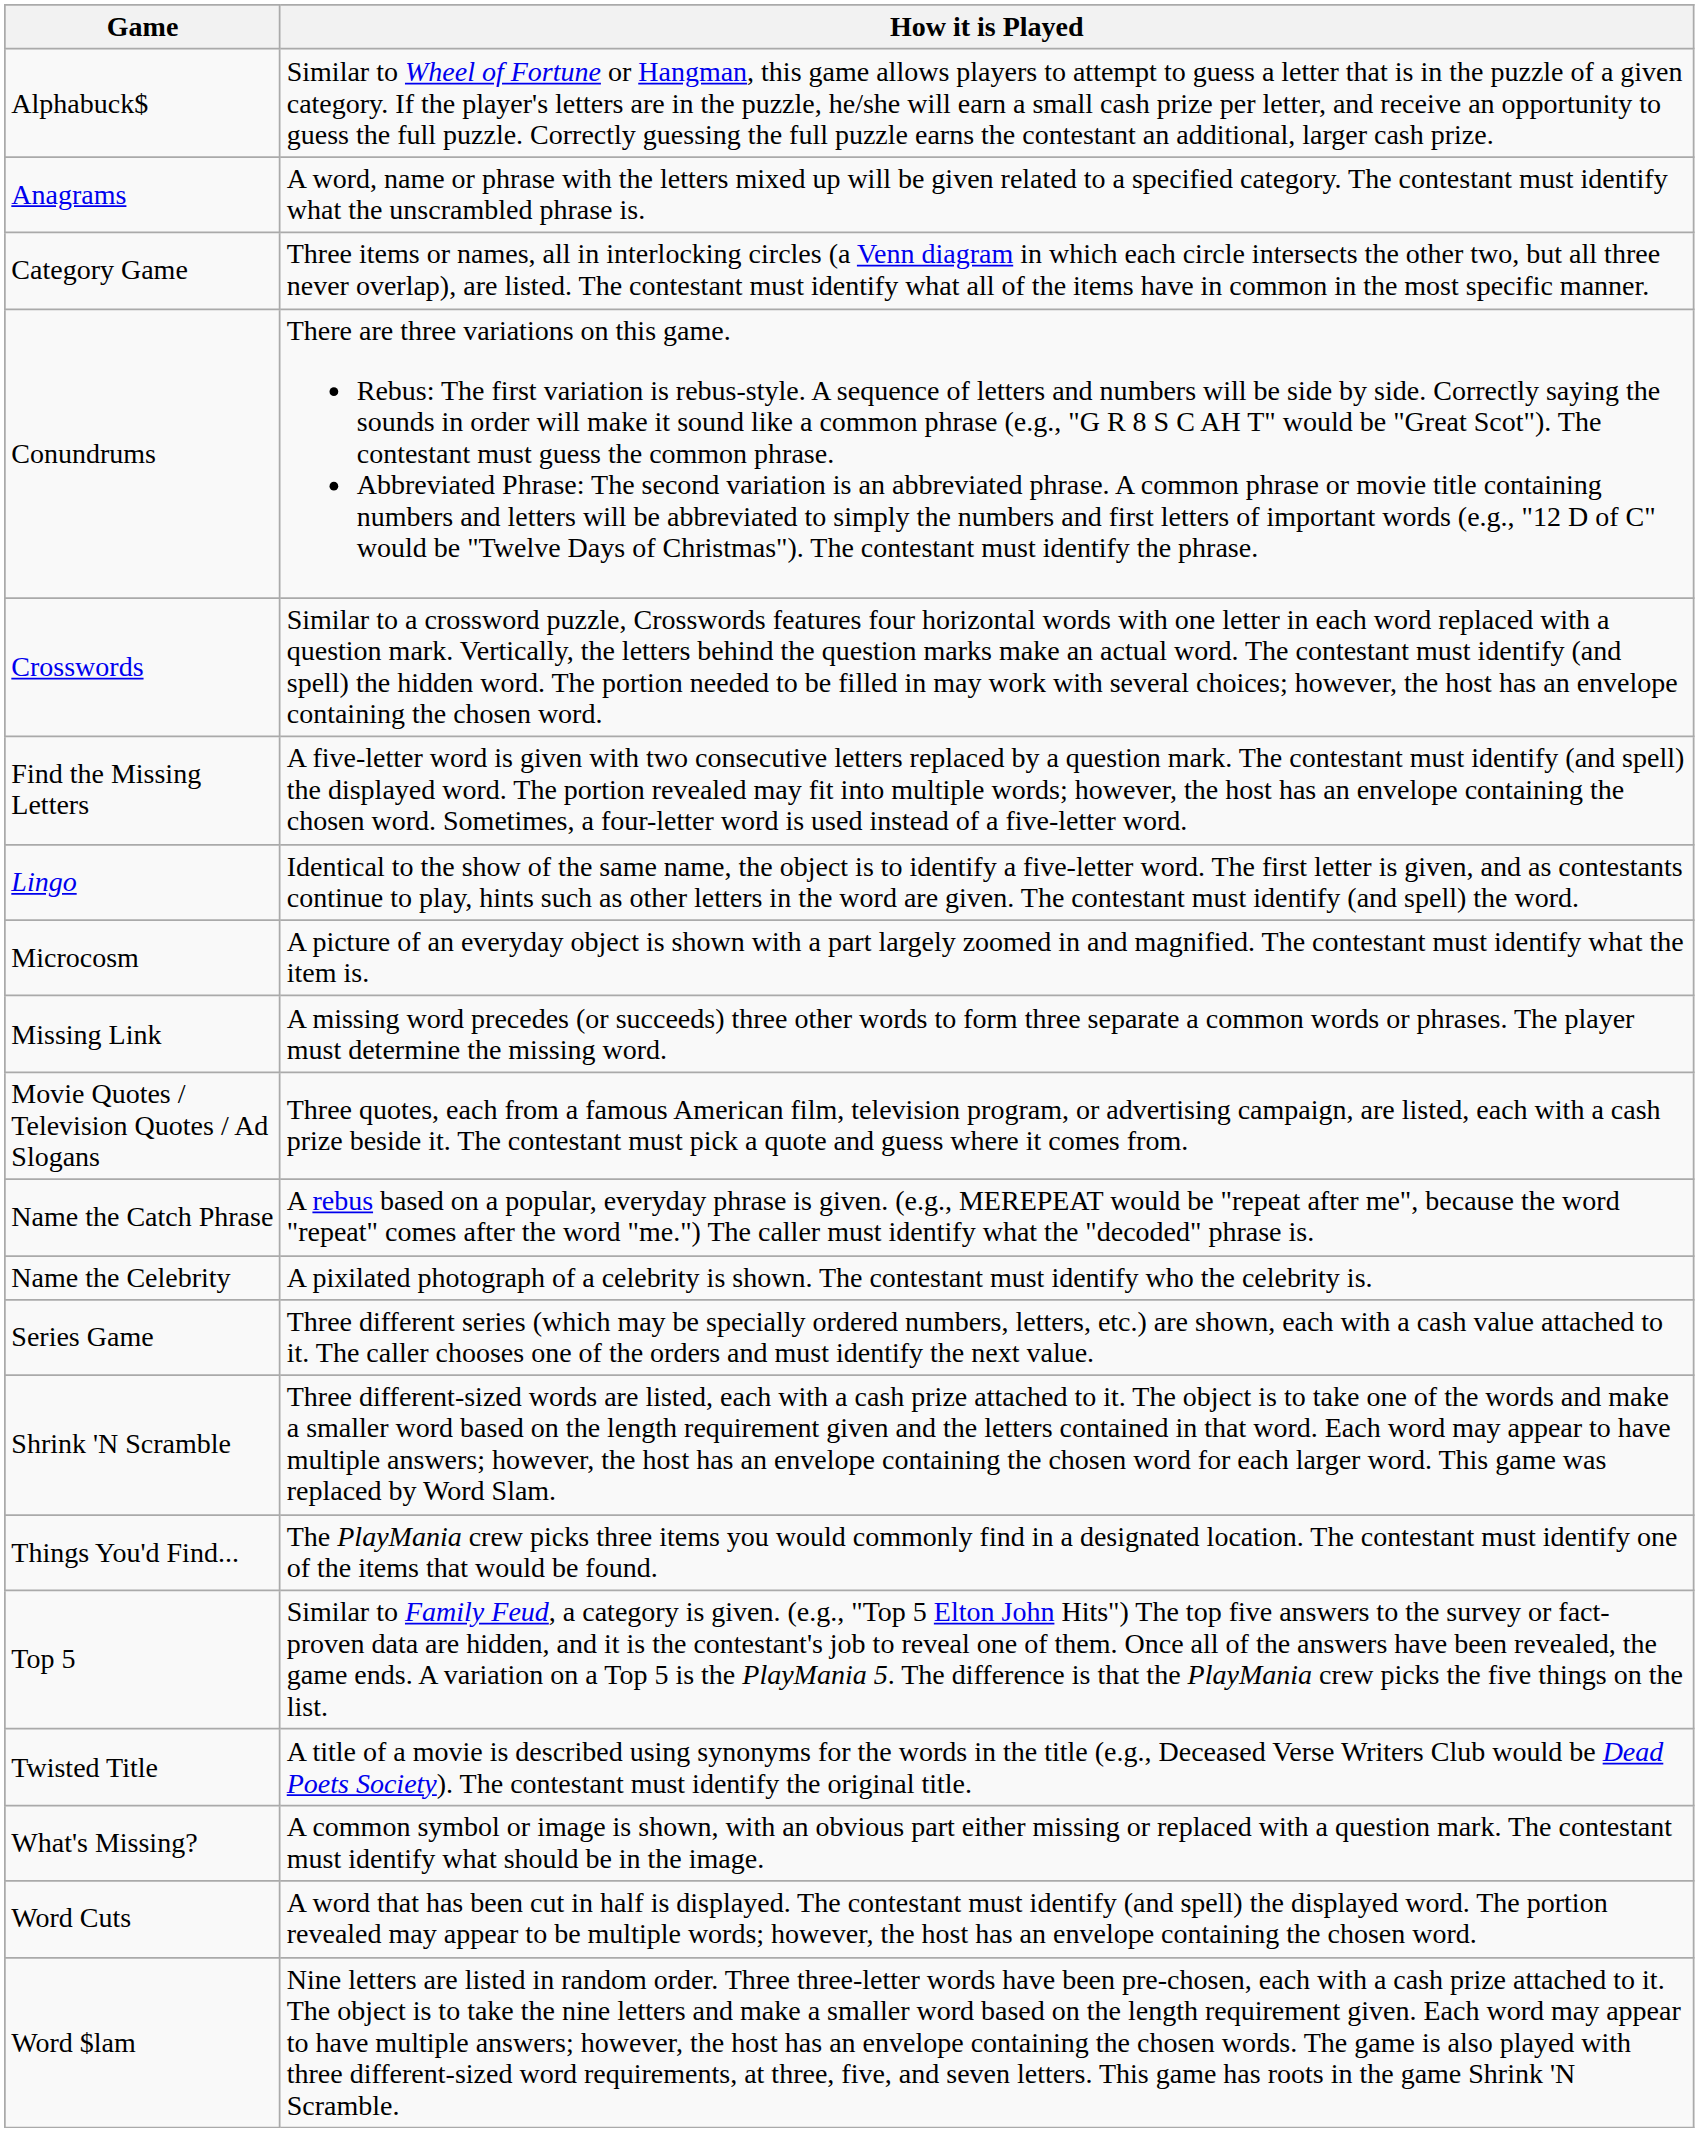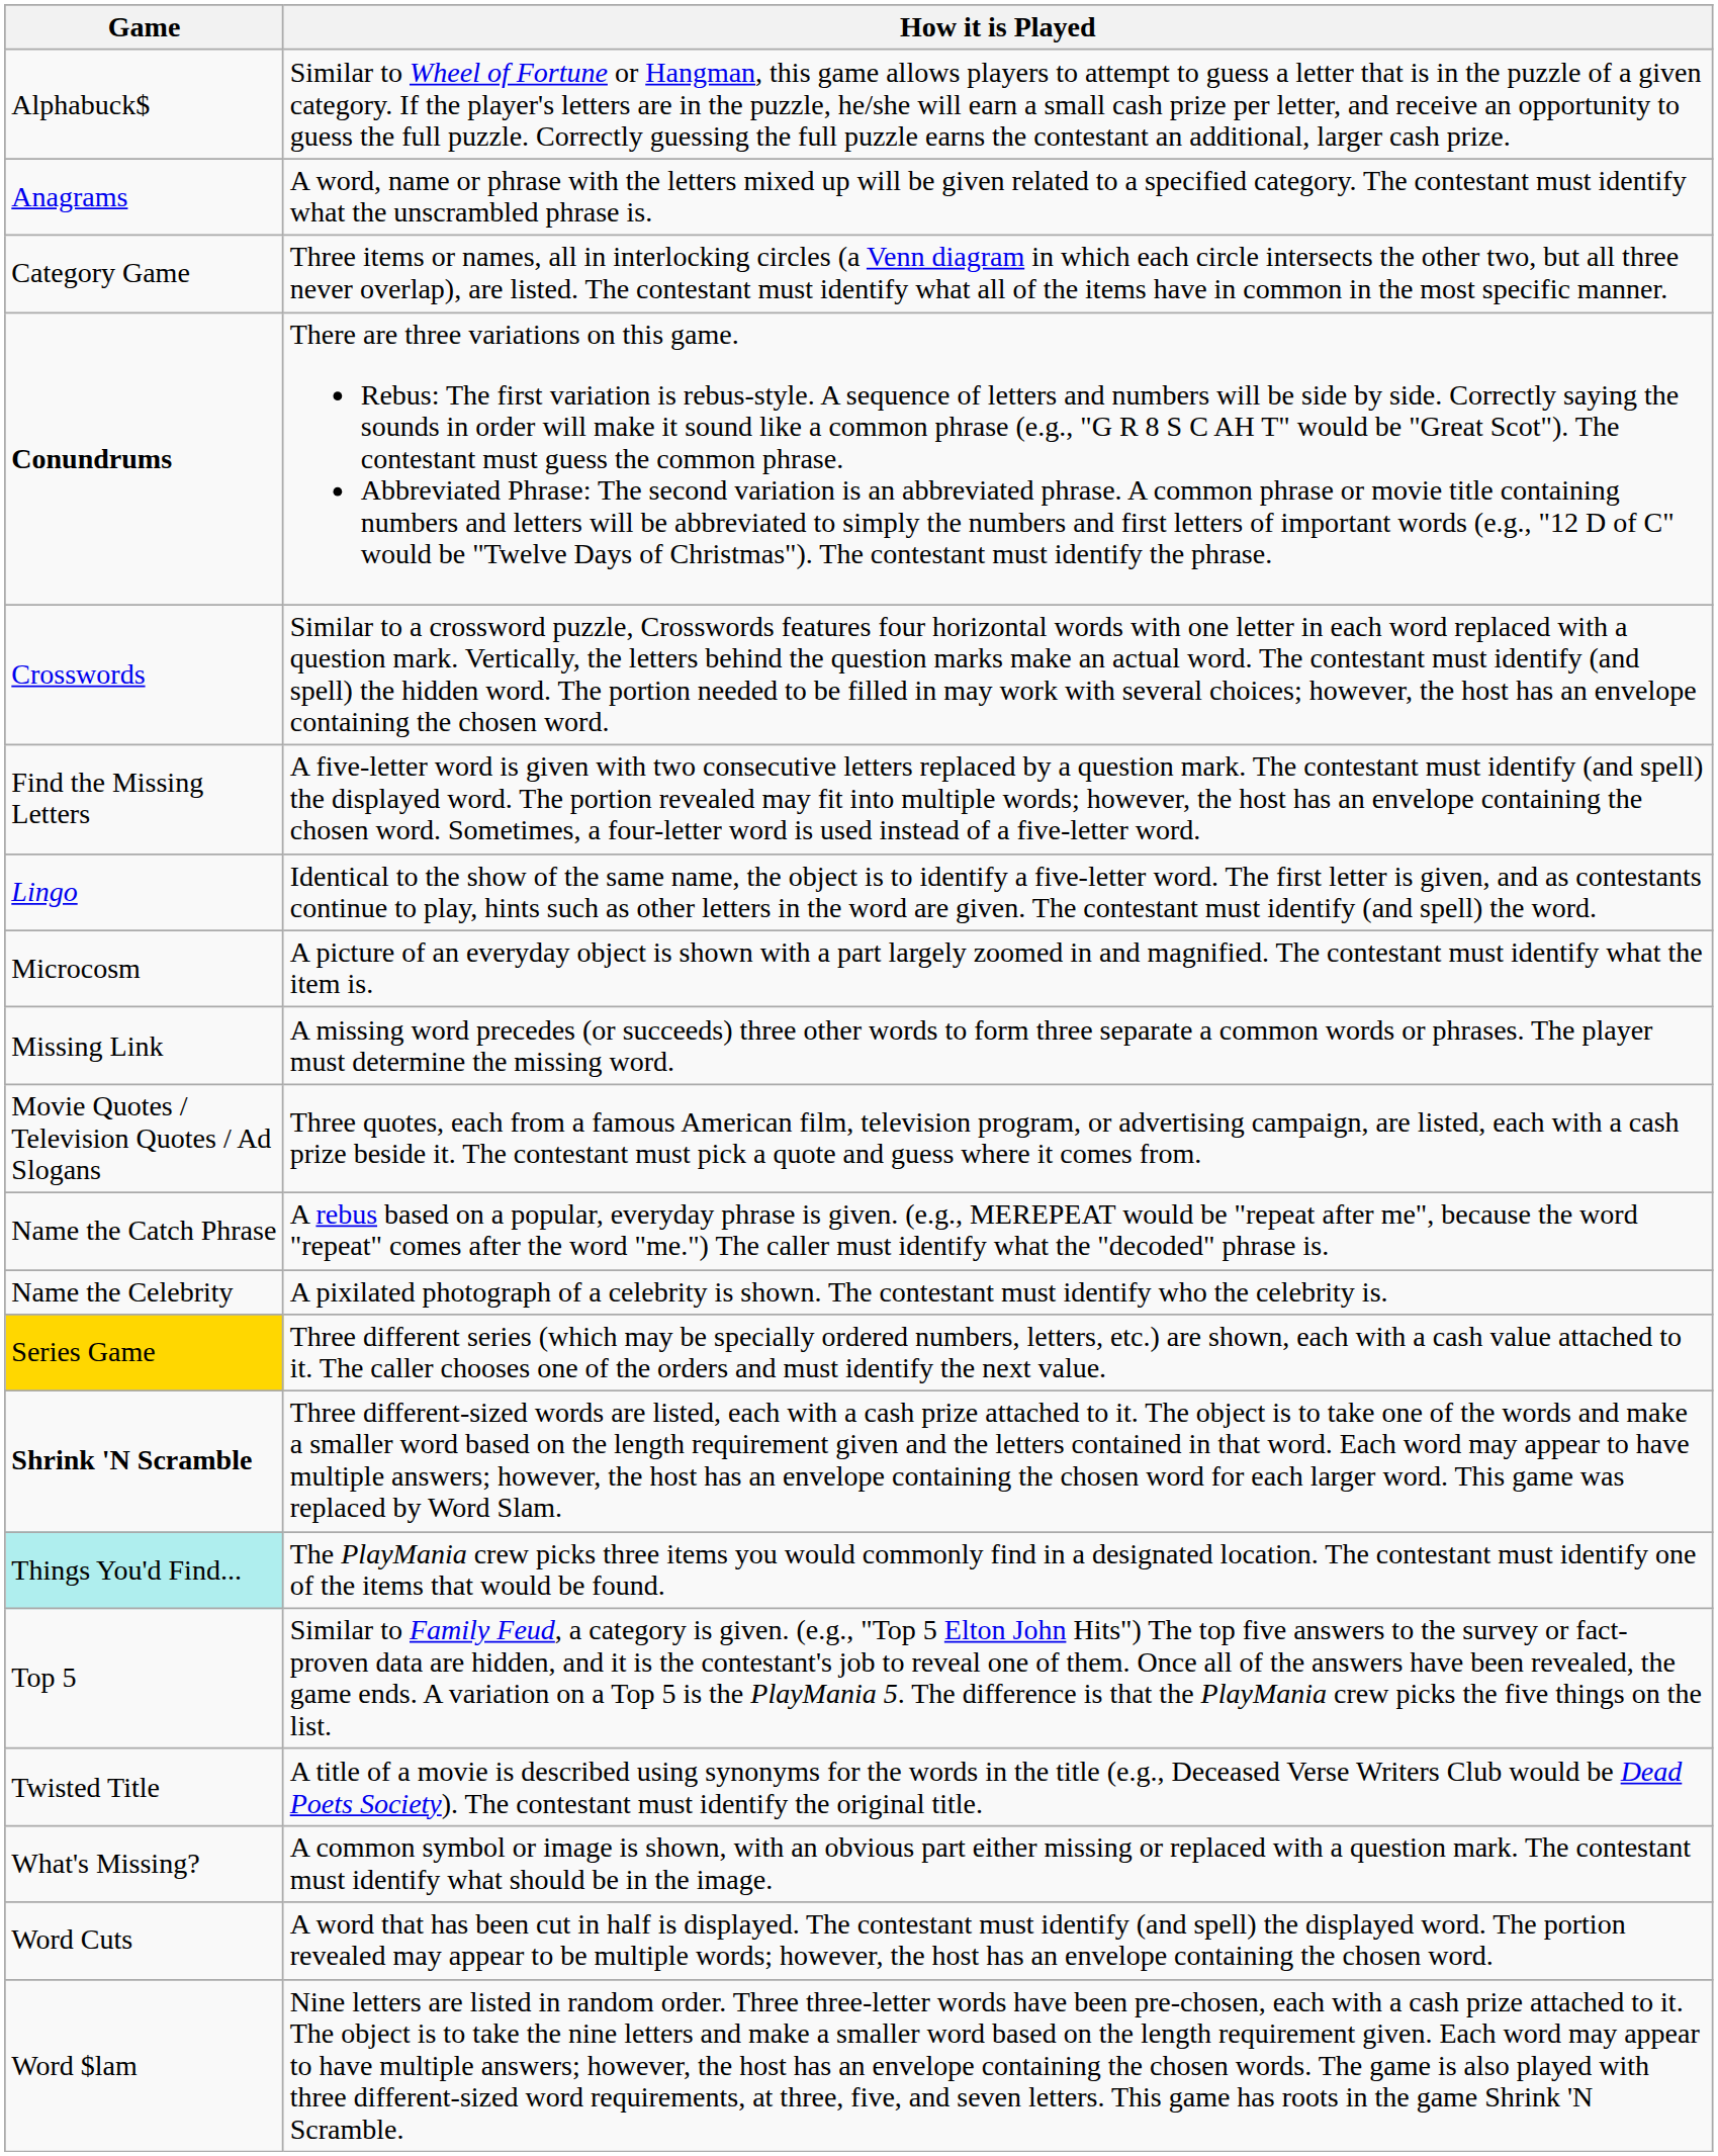 <table class="wikitable">
 <tr>
 <th width="150px">Game</th>
 <th width="800px">How it is Played</th>
 </tr>
 <tr>
 <td>Alphabuck$</td>
 <td>Similar to <em><a href='#'>Wheel of Fortune</a></em> or <a href='#'>Hangman</a>, this game allows players to attempt to guess a letter that is in the puzzle of a given category. If the player's letters are in the puzzle, he/she will earn a small cash prize per letter, and receive an opportunity to guess the full puzzle. Correctly guessing the full puzzle earns the contestant an additional, larger cash prize.</td>
 </tr>
 <tr>
 <td><a href='#'>Anagrams</a></td>
 <td>A word, name or phrase with the letters mixed up will be given related to a specified category. The contestant must identify what the unscrambled phrase is.</td>
 </tr>
 <tr>
 <td>Category Game</td>
 <td>Three items or names, all in interlocking circles (a <a href='#'>Venn diagram</a> in which each circle intersects the other two, but all three never overlap), are listed. The contestant must identify what all of the items have in common in the most specific manner.</td>
 </tr>
 <tr>
-<td>Conundrums</td>
+<td><strong>Conundrums</strong></td>
 <td>There are three variations on this game.<br><ul><li>Rebus: The first variation is rebus-style. A sequence of letters and numbers will be side by side. Correctly saying the sounds in order will make it sound like a common phrase (e.g., "G R 8 S C AH T" would be "Great Scot"). The contestant must guess the common phrase.</li><li>Abbreviated Phrase: The second variation is an abbreviated phrase. A common phrase or movie title containing numbers and letters will be abbreviated to simply the numbers and first letters of important words (e.g., "12 D of C" would be "Twelve Days of Christmas"). The contestant must identify the phrase.</li></ul></td>
 </tr>
 <tr>
 <td><a href='#'>Crosswords</a></td>
 <td>Similar to a crossword puzzle, Crosswords features four horizontal words with one letter in each word replaced with a question mark. Vertically, the letters behind the question marks make an actual word. The contestant must identify (and spell) the hidden word. The portion needed to be filled in may work with several choices; however, the host has an envelope containing the chosen word.</td>
 </tr>
 <tr>
 <td>Find the Missing Letters</td>
 <td>A five-letter word is given with two consecutive letters replaced by a question mark. The contestant must identify (and spell) the displayed word. The portion revealed may fit into multiple words; however, the host has an envelope containing the chosen word. Sometimes, a four-letter word is used instead of a five-letter word.</td>
 </tr>
 <tr>
 <td><em><a href='#'>Lingo</a></em></td>
 <td>Identical to the show of the same name, the object is to identify a five-letter word. The first letter is given, and as contestants continue to play, hints such as other letters in the word are given. The contestant must identify (and spell) the word.</td>
 </tr>
 <tr>
 <td>Microcosm</td>
 <td>A picture of an everyday object is shown with a part largely zoomed in and magnified. The contestant must identify what the item is.</td>
 </tr>
 <tr>
 <td>Missing Link</td>
 <td>A missing word precedes (or succeeds) three other words to form three separate a common words or phrases. The player must determine the missing word.</td>
 </tr>
 <tr>
 <td>Movie Quotes / Television Quotes / Ad Slogans</td>
 <td>Three quotes, each from a famous American film, television program, or advertising campaign, are listed, each with a cash prize beside it. The contestant must pick a quote and guess where it comes from.</td>
 </tr>
 <tr>
 <td>Name the Catch Phrase</td>
 <td>A <a href='#'>rebus</a> based on a popular, everyday phrase is given. (e.g., MEREPEAT would be "repeat after me", because the word "repeat" comes after the word "me.") The caller must identify what the "decoded" phrase is.</td>
 </tr>
 <tr>
 <td>Name the Celebrity</td>
 <td>A pixilated photograph of a celebrity is shown. The contestant must identify who the celebrity is.</td>
 </tr>
 <tr>
-<td>Series Game</td>
+<td style="background: gold;">Series Game</td>
 <td>Three different series (which may be specially ordered numbers, letters, etc.) are shown, each with a cash value attached to it. The caller chooses one of the orders and must identify the next value.</td>
 </tr>
 <tr>
-<td>Shrink 'N Scramble</td>
+<td><strong>Shrink 'N Scramble</strong></td>
 <td>Three different-sized words are listed, each with a cash prize attached to it. The object is to take one of the words and make a smaller word based on the length requirement given and the letters contained in that word. Each word may appear to have multiple answers; however, the host has an envelope containing the chosen word for each larger word. This game was replaced by Word Slam.</td>
 </tr>
 <tr>
-<td>Things You'd Find...</td>
+<td style="background: paleturquoise;">Things You'd Find...</td>
 <td>The <em>PlayMania</em> crew picks three items you would commonly find in a designated location. The contestant must identify one of the items that would be found.</td>
 </tr>
 <tr>
 <td>Top 5</td>
 <td>Similar to <em><a href='#'>Family Feud</a></em>, a category is given. (e.g., "Top 5 <a href='#'>Elton John</a> Hits") The top five answers to the survey or fact-proven data are hidden, and it is the contestant's job to reveal one of them. Once all of the answers have been revealed, the game ends. A variation on a Top 5 is the  <em>PlayMania 5</em>. The difference is that the <em>PlayMania</em> crew picks the five things on the list.</td>
 </tr>
 <tr>
 <td>Twisted Title</td>
 <td>A title of a movie is described using synonyms for the words in the title (e.g., Deceased Verse Writers Club would be <em><a href='#'>Dead Poets Society</a></em>). The contestant must identify the original title.</td>
 </tr>
 <tr>
 <td>What's Missing?</td>
 <td>A common symbol or image is shown, with an obvious part either missing or replaced with a question mark. The contestant must identify what should be in the image.</td>
 </tr>
 <tr>
 <td>Word Cuts</td>
 <td>A word that has been cut in half is displayed. The contestant must identify (and spell) the displayed word. The portion revealed may appear to be multiple words; however, the host has an envelope containing the chosen word.</td>
 </tr>
 <tr>
 <td>Word $lam</td>
 <td>Nine letters are listed in random order. Three three-letter words have been pre-chosen, each with a cash prize attached to it. The object is to take the nine letters and make a smaller word based on the length requirement given. Each word may appear to have multiple answers; however, the host has an envelope containing the chosen words. The game is also played with three different-sized word requirements, at three, five, and seven letters. This game has roots in the game Shrink 'N Scramble.</td>
 </tr>
 </table>
